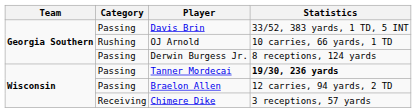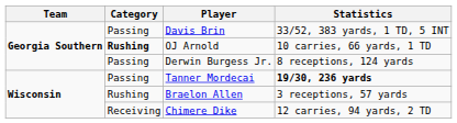 <table class="wikitable" style="float: right;">
 <tr>
 <th>Team</th>
 <th>Category</th>
 <th>Player</th>
 <th>Statistics</th>
 </tr>
 <tr>
 <td rowspan=3><strong>Georgia Southern</strong></td>
 <td>Passing</td>
 <td><a href='#'>Davis Brin</a></td>
 <td>33/52, 383 yards, 1 TD, 5 INT</td>
 </tr>
 <tr>
-<td>Rushing</td>
+<td><strong>Rushing</strong></td>
 <td>OJ Arnold</td>
 <td>10 carries, 66 yards, 1 TD</td>
 </tr>
 <tr>
 <td>Passing</td>
 <td>Derwin Burgess Jr.</td>
 <td>8 receptions, 124 yards</td>
 </tr>
 <tr>
 <td rowspan=3><strong>Wisconsin</strong></td>
 <td>Passing</td>
 <td><a href='#'>Tanner Mordecai</a></td>
 <td><strong>19/30, 236 yards</strong></td>
 </tr>
 <tr>
-<td>Passing</td>
+<td>Rushing</td>
 <td><a href='#'>Braelon Allen</a></td>
-<td>12 carries, 94 yards, 2 TD</td>
+<td>3 receptions, 57 yards</td>
 </tr>
 <tr>
 <td>Receiving</td>
 <td><a href='#'>Chimere Dike</a></td>
-<td>3 receptions, 57 yards</td>
+<td>12 carries, 94 yards, 2 TD</td>
 </tr>
 </table>
